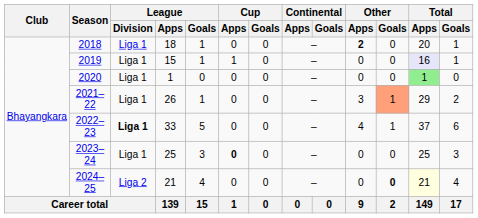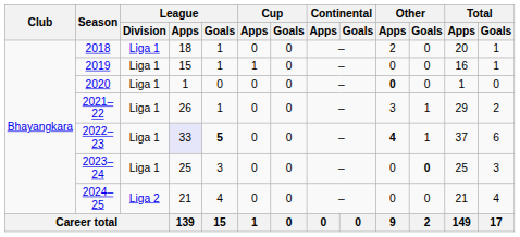 <table class="wikitable" style="text-align:center">
 <tr>
 <th rowspan="2">Club</th>
 <th rowspan="2">Season</th>
 <th colspan="3">League</th>
 <th colspan="2">Cup</th>
 <th colspan="2">Continental</th>
 <th colspan="2">Other</th>
 <th colspan="2">Total</th>
 </tr>
 <tr>
 <th>Division</th>
 <th>Apps</th>
 <th>Goals</th>
 <th>Apps</th>
 <th>Goals</th>
 <th>Apps</th>
 <th>Goals</th>
 <th>Apps</th>
 <th>Goals</th>
 <th>Apps</th>
 <th>Goals</th>
 </tr>
 <tr>
 <td rowspan="7" valign="center"><a href='#'>Bhayangkara</a></td>
 <td><a href='#'>2018</a></td>
 <td rowspan="1" valign="center"><a href='#'>Liga 1</a></td>
 <td>18</td>
 <td>1</td>
 <td>0</td>
 <td>0</td>
 <td colspan=2>–</td>
-<td><strong>2</strong></td>
+<td>2</td>
 <td>0</td>
 <td>20</td>
 <td>1</td>
 </tr>
 <tr>
 <td><a href='#'>2019</a></td>
 <td rowspan="1" valign="center">Liga 1</td>
 <td>15</td>
 <td>1</td>
 <td>1</td>
 <td>0</td>
 <td colspan=2>–</td>
 <td>0</td>
 <td>0</td>
-<td style="background: lavender;">16</td>
+<td>16</td>
 <td>1</td>
 </tr>
 <tr>
 <td><a href='#'>2020</a></td>
 <td rowspan="1" valign="center">Liga 1</td>
 <td>1</td>
 <td>0</td>
 <td>0</td>
 <td>0</td>
 <td colspan=2>–</td>
+<td><strong>0</strong></td>
 <td>0</td>
-<td>0</td>
-<td style="background: lightgreen;">1</td>
+<td>1</td>
 <td>0</td>
 </tr>
 <tr>
 <td><a href='#'>2021–22</a></td>
 <td rowspan="1" valign="center">Liga 1</td>
 <td>26</td>
 <td>1</td>
 <td>0</td>
 <td>0</td>
 <td colspan=2>–</td>
 <td>3</td>
-<td style="background: lightsalmon;">1</td>
+<td>1</td>
 <td>29</td>
 <td>2</td>
 </tr>
 <tr>
 <td><a href='#'>2022–23</a></td>
-<td rowspan="1" valign="center"><strong>Liga 1</strong></td>
-<td>33</td>
-<td>5</td>
+<td rowspan="1" valign="center">Liga 1</td>
+<td style="background: lavender;">33</td>
+<td><strong>5</strong></td>
 <td>0</td>
 <td>0</td>
 <td colspan=2>–</td>
-<td>4</td>
+<td><strong>4</strong></td>
 <td>1</td>
 <td>37</td>
 <td>6</td>
 </tr>
 <tr>
 <td><a href='#'>2023–24</a></td>
 <td>Liga 1</td>
 <td>25</td>
 <td>3</td>
-<td><strong>0</strong></td>
+<td>0</td>
 <td>0</td>
 <td colspan="2">–</td>
 <td>0</td>
-<td>0</td>
+<td><strong>0</strong></td>
 <td>25</td>
 <td>3</td>
 </tr>
 <tr>
 <td><a href='#'>2024–25</a></td>
 <td><a href='#'>Liga 2</a></td>
 <td>21</td>
 <td>4</td>
 <td>0</td>
 <td>0</td>
 <td colspan="2">–</td>
 <td>0</td>
-<td><strong>0</strong></td>
-<td style="background: lightyellow;">21</td>
+<td>0</td>
+<td>21</td>
 <td>4</td>
 </tr>
 <tr>
 <th colspan="3">Career total</th>
 <th>139</th>
 <th>15</th>
 <th>1</th>
 <th>0</th>
 <th>0</th>
 <th>0</th>
 <th>9</th>
 <th>2</th>
 <th>149</th>
 <th>17</th>
 </tr>
 </table>
